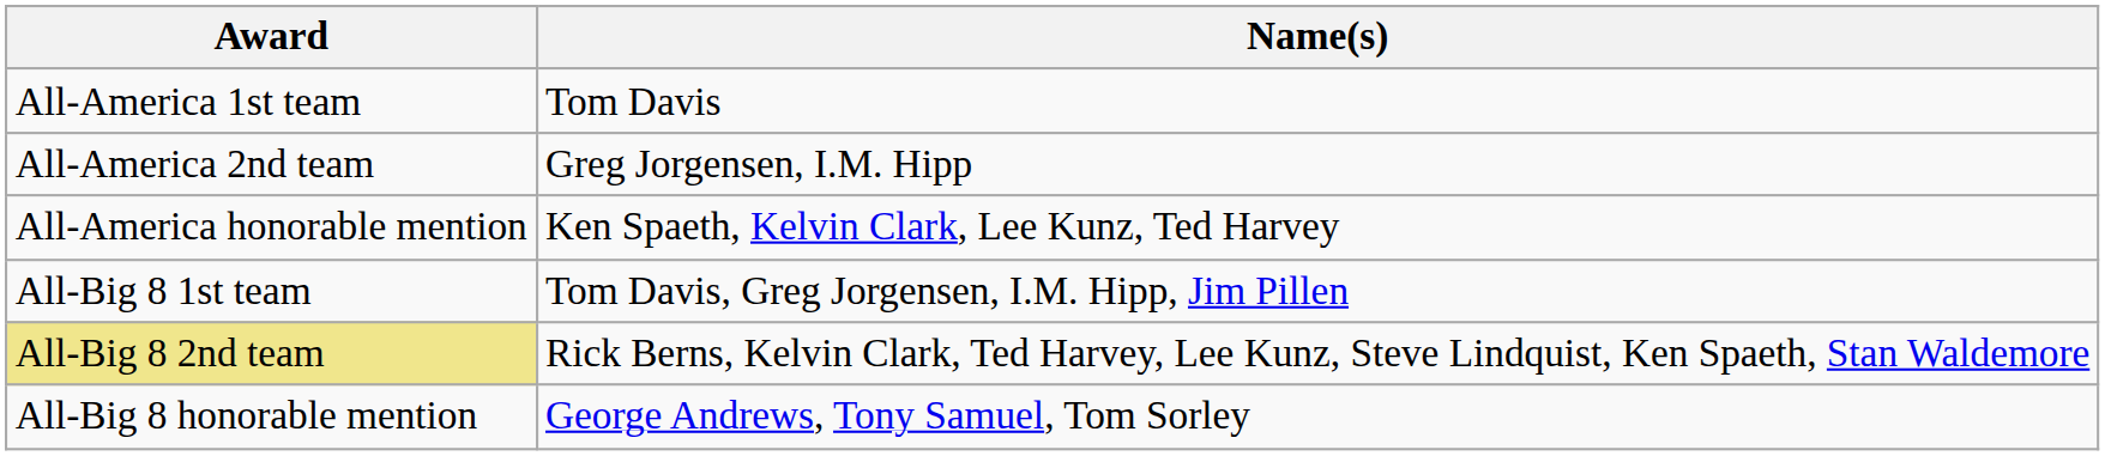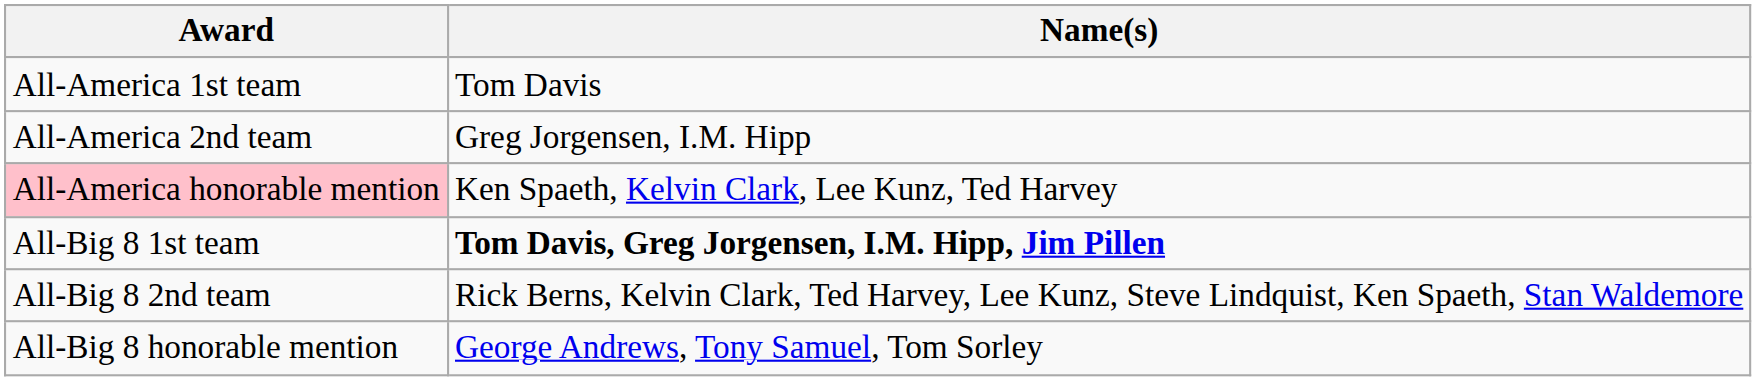 <table class="wikitable">
 <tr>
 <th>Award</th>
 <th>Name(s)</th>
 </tr>
 <tr>
 <td>All-America 1st team</td>
 <td>Tom Davis</td>
 </tr>
 <tr>
 <td>All-America 2nd team</td>
 <td>Greg Jorgensen, I.M. Hipp</td>
 </tr>
 <tr>
-<td>All-America honorable mention</td>
+<td style="background: pink;">All-America honorable mention</td>
 <td>Ken Spaeth, <a href='#'>Kelvin Clark</a>, Lee Kunz, Ted Harvey</td>
 </tr>
 <tr>
 <td>All-Big 8 1st team</td>
-<td>Tom Davis, Greg Jorgensen, I.M. Hipp, <a href='#'>Jim Pillen</a></td>
+<td><strong>Tom Davis, Greg Jorgensen, I.M. Hipp, <a href='#'>Jim Pillen</a></strong></td>
 </tr>
 <tr>
-<td style="background: khaki;">All-Big 8 2nd team</td>
+<td>All-Big 8 2nd team</td>
 <td>Rick Berns, Kelvin Clark, Ted Harvey, Lee Kunz, Steve Lindquist, Ken Spaeth, <a href='#'>Stan Waldemore</a></td>
 </tr>
 <tr>
 <td>All-Big 8 honorable mention</td>
 <td><a href='#'>George Andrews</a>, <a href='#'>Tony Samuel</a>, Tom Sorley</td>
 </tr>
 </table>
